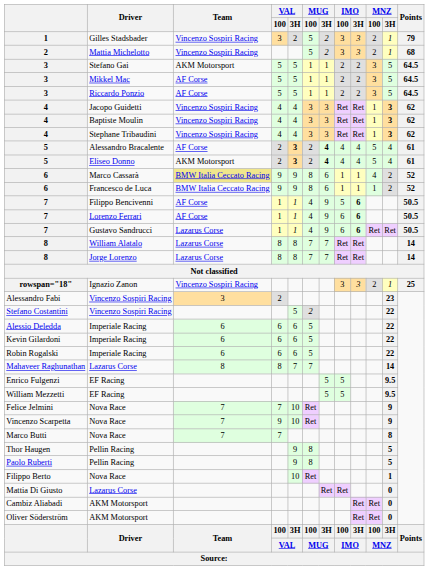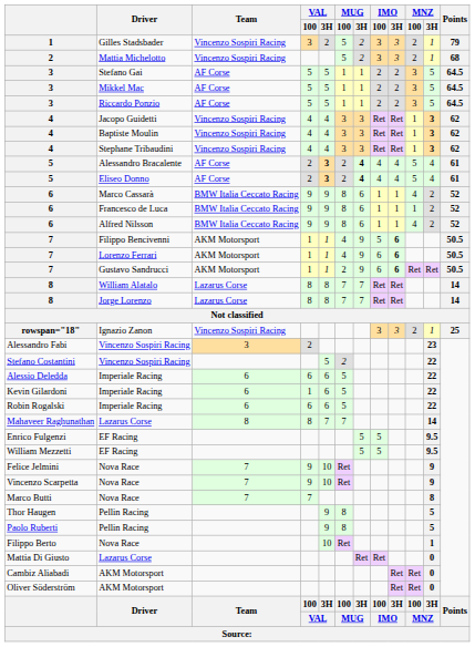 <table class="wikitable" style="font-size:85%; vertical-align:top; text-align:center">
 <tr>
 <th rowspan="2"></th>
 <th rowspan="2">Driver</th>
 <th rowspan="2">Team</th>
 <th colspan="2"><a href='#'>VAL</a><br></th>
 <th colspan="2"><a href='#'>MUG</a><br></th>
 <th colspan="2"><a href='#'>IMO</a><br></th>
 <th colspan="2"><a href='#'>MNZ</a><br></th>
 <th rowspan="2">Points</th>
 </tr>
 <tr>
 <th>100</th>
 <th>3H</th>
 <th>100</th>
 <th>3H</th>
 <th>100</th>
 <th>3H</th>
 <th>100</th>
 <th>3H</th>
 </tr>
 <tr>
 <th>1</th>
 <td style="text-align:left"> Gilles Stadsbader</td>
 <td style="text-align:left"> <a href='#'>Vincenzo Sospiri Racing</a></td>
 <td style="background:#FFDF9F">3</td>
 <td style="background:#DFDFDF">2</td>
 <td style="background:#DFFFDF">5</td>
 <td style="background:#DFDFDF"><em>2</em></td>
 <td style="background:#FFDF9F">3</td>
 <td style="background:#FFDF9F"><em>3</em></td>
 <td style="background:#DFDFDF">2</td>
 <td style="background:#FFFFBF"><em>1</em></td>
 <th>79</th>
 </tr>
 <tr>
 <th>2</th>
 <td style="text-align:left"> <a href='#'>Mattia Michelotto</a></td>
 <td style="text-align:left"> <a href='#'>Vincenzo Sospiri Racing</a></td>
 <td style="background:#"></td>
 <td style="background:#"></td>
 <td style="background:#DFFFDF">5</td>
 <td style="background:#DFDFDF"><em>2</em></td>
 <td style="background:#FFDF9F">3</td>
 <td style="background:#FFDF9F"><em>3</em></td>
 <td style="background:#DFDFDF">2</td>
 <td style="background:#FFFFBF"><em>1</em></td>
 <th>68</th>
 </tr>
 <tr>
 <th>3</th>
 <td style="text-align:left"> Stefano Gai</td>
-<td style="text-align:left"> AKM Motorsport</td>
+<td style="text-align:left"> <a href='#'>AF Corse</a></td>
 <td style="background:#DFFFDF">5</td>
 <td style="background:#DFFFDF">5</td>
 <td style="background:#FFFFBF">1</td>
 <td style="background:#FFFFBF">1</td>
 <td style="background:#DFDFDF">2</td>
 <td style="background:#DFDFDF">2</td>
 <td style="background:#FFDF9F">3</td>
 <td style="background:#DFFFDF">5</td>
 <th>64.5</th>
 </tr>
 <tr>
 <th>3</th>
 <td style="text-align:left"> <a href='#'>Mikkel Mac</a></td>
 <td style="text-align:left"> <a href='#'>AF Corse</a></td>
 <td style="background:#DFFFDF">5</td>
 <td style="background:#DFFFDF">5</td>
 <td style="background:#FFFFBF">1</td>
 <td style="background:#FFFFBF">1</td>
 <td style="background:#DFDFDF">2</td>
 <td style="background:#DFDFDF">2</td>
 <td style="background:#FFDF9F">3</td>
 <td style="background:#DFFFDF">5</td>
 <th>64.5</th>
 </tr>
 <tr>
 <th>3</th>
 <td style="text-align:left"> <a href='#'>Riccardo Ponzio</a></td>
 <td style="text-align:left"> <a href='#'>AF Corse</a></td>
 <td style="background:#DFFFDF">5</td>
 <td style="background:#DFFFDF">5</td>
 <td style="background:#FFFFBF">1</td>
 <td style="background:#FFFFBF">1</td>
 <td style="background:#DFDFDF">2</td>
 <td style="background:#DFDFDF">2</td>
 <td style="background:#FFDF9F">3</td>
 <td style="background:#DFFFDF">5</td>
 <th>64.5</th>
 </tr>
 <tr>
 <th>4</th>
 <td style="text-align:left"> Jacopo Guidetti</td>
 <td style="text-align:left"> <a href='#'>Vincenzo Sospiri Racing</a></td>
 <td style="background:#DFFFDF">4</td>
 <td style="background:#DFFFDF">4</td>
 <td style="background:#FFDF9F">3</td>
 <td style="background:#FFDF9F">3</td>
 <td style="background:#EFCFFF">Ret</td>
 <td style="background:#EFCFFF">Ret</td>
 <td style="background:#FFFFBF">1</td>
 <td style="background:#FFDF9F"><strong>3</strong></td>
 <th>62</th>
 </tr>
 <tr>
 <th>4</th>
 <td style="text-align:left"> Baptiste Moulin</td>
 <td style="text-align:left"> <a href='#'>Vincenzo Sospiri Racing</a></td>
 <td style="background:#DFFFDF">4</td>
 <td style="background:#DFFFDF">4</td>
 <td style="background:#FFDF9F">3</td>
 <td style="background:#FFDF9F">3</td>
 <td style="background:#EFCFFF">Ret</td>
 <td style="background:#EFCFFF">Ret</td>
 <td style="background:#FFFFBF">1</td>
 <td style="background:#FFDF9F"><strong>3</strong></td>
 <th>62</th>
 </tr>
 <tr>
 <th>4</th>
 <td style="text-align:left"> Stephane Tribaudini</td>
 <td style="text-align:left"> <a href='#'>Vincenzo Sospiri Racing</a></td>
 <td style="background:#DFFFDF">4</td>
 <td style="background:#DFFFDF">4</td>
 <td style="background:#FFDF9F">3</td>
 <td style="background:#FFDF9F">3</td>
 <td style="background:#EFCFFF">Ret</td>
 <td style="background:#EFCFFF">Ret</td>
 <td style="background:#FFFFBF">1</td>
 <td style="background:#FFDF9F"><strong>3</strong></td>
 <th>62</th>
 </tr>
 <tr>
 <th>5</th>
 <td style="text-align:left"> Alessandro Bracalente</td>
 <td style="text-align:left"> <a href='#'>AF Corse</a></td>
 <td style="background:#DFDFDF">2</td>
 <td style="background:#FFDF9F"><strong>3</strong></td>
 <td style="background:#DFDFDF">2</td>
 <td style="background:#DFFFDF"><strong>4</strong></td>
 <td style="background:#DFFFDF">4</td>
 <td style="background:#DFFFDF">4</td>
 <td style="background:#DFFFDF">5</td>
 <td style="background:#DFFFDF">4</td>
 <th>61</th>
 </tr>
 <tr>
 <th>5</th>
 <td style="text-align:left"> <a href='#'>Eliseo Donno</a></td>
-<td style="text-align:left"> AKM Motorsport</td>
+<td style="text-align:left"> <a href='#'>AF Corse</a></td>
 <td style="background:#DFDFDF">2</td>
 <td style="background:#FFDF9F"><strong>3</strong></td>
 <td style="background:#DFDFDF">2</td>
 <td style="background:#DFFFDF"><strong>4</strong></td>
 <td style="background:#DFFFDF">4</td>
 <td style="background:#DFFFDF">4</td>
 <td style="background:#DFFFDF">5</td>
 <td style="background:#DFFFDF">4</td>
 <th>61</th>
 </tr>
 <tr>
 <th>6</th>
 <td style="text-align:left"> Marco Cassarà</td>
-<td style="background: khaki; text-align:left"> <a href='#'>BMW Italia Ceccato Racing</a></td>
+<td style="text-align:left"> <a href='#'>BMW Italia Ceccato Racing</a></td>
 <td style="background:#DFFFDF">9</td>
 <td style="background:#DFFFDF">9</td>
 <td style="background:#DFFFDF">8</td>
 <td style="background:#DFFFDF">6</td>
 <td style="background:#FFFFBF">1</td>
 <td style="background:#FFFFBF">1</td>
 <td style="background:#DFFFDF">4</td>
 <td style="background:#DFDFDF">2</td>
 <th>52</th>
 </tr>
 <tr>
 <th>6</th>
 <td style="text-align:left"> Francesco de Luca</td>
 <td style="text-align:left"> <a href='#'>BMW Italia Ceccato Racing</a></td>
 <td style="background:#DFFFDF">9</td>
 <td style="background:#DFFFDF">9</td>
 <td style="background:#DFFFDF">8</td>
 <td style="background:#DFFFDF">6</td>
 <td style="background:#FFFFBF">1</td>
 <td style="background:#FFFFBF">1</td>
 <td style="background:#DFFFDF">1</td>
 <td style="background:#DFDFDF">2</td>
 <th>52</th>
 </tr>
 <tr>
+<th>6</th>
+<td style="text-align:left"> Alfred Nilsson</td>
+<td style="text-align:left"> <a href='#'>BMW Italia Ceccato Racing</a></td>
+<td style="background:#DFFFDF">9</td>
+<td style="background:#DFFFDF">9</td>
+<td style="background:#DFFFDF">8</td>
+<td style="background:#DFFFDF">6</td>
+<td style="background:#FFFFBF">1</td>
+<td style="background:#FFFFBF">1</td>
+<td style="background:#DFFFDF">4</td>
+<td style="background:#DFDFDF">2</td>
+<th>52</th>
+</tr>
+<tr>
 <th>7</th>
 <td style="text-align:left"> Filippo Bencivenni</td>
-<td style="text-align:left"> <a href='#'>AF Corse</a></td>
+<td style="text-align:left"> AKM Motorsport</td>
 <td style="background:#FFFFBF">1</td>
 <td style="background:#FFFFBF"><em>1</em></td>
 <td style="background:#DFFFDF">4</td>
 <td style="background:#DFFFDF">9</td>
 <td style="background:#DFFFDF">5</td>
 <td style="background:#DFFFDF"><strong>6</strong></td>
 <td style="background:#"></td>
 <td style="background:#"></td>
 <th>50.5</th>
 </tr>
 <tr>
 <th>7</th>
 <td style="text-align:left"> <a href='#'>Lorenzo Ferrari</a></td>
-<td style="text-align:left"> <a href='#'>AF Corse</a></td>
+<td style="text-align:left"> AKM Motorsport</td>
 <td style="background:#FFFFBF">1</td>
 <td style="background:#FFFFBF"><em>1</em></td>
 <td style="background:#DFFFDF">4</td>
 <td style="background:#DFFFDF">9</td>
 <td style="background:#DFFFDF">6</td>
 <td style="background:#DFFFDF"><strong>6</strong></td>
 <td style="background:#"></td>
 <td style="background:#"></td>
 <th>50.5</th>
 </tr>
 <tr>
 <th>7</th>
 <td style="text-align:left"> Gustavo Sandrucci</td>
-<td style="text-align:left"> <a href='#'>Lazarus Corse</a></td>
+<td style="text-align:left"> AKM Motorsport</td>
 <td style="background:#FFFFBF">1</td>
 <td style="background:#FFFFBF"><em>1</em></td>
-<td style="background:#DFFFDF">4</td>
+<td style="background:#DFFFDF">2</td>
 <td style="background:#DFFFDF">9</td>
 <td style="background:#DFFFDF">6</td>
 <td style="background:#DFFFDF"><strong>6</strong></td>
 <td style="background:#EFCFFF">Ret</td>
 <td style="background:#EFCFFF">Ret</td>
 <th>50.5</th>
 </tr>
 <tr>
 <th>8</th>
 <td style="text-align:left"> <a href='#'>William Alatalo</a></td>
 <td style="text-align:left"> <a href='#'>Lazarus Corse</a></td>
 <td style="background:#DFFFDF">8</td>
 <td style="background:#DFFFDF">8</td>
 <td style="background:#DFFFDF">7</td>
 <td style="background:#DFFFDF">7</td>
 <td style="background:#EFCFFF">Ret</td>
 <td style="background:#EFCFFF">Ret</td>
 <td style="background:#"></td>
 <td style="background:#"></td>
 <th>14</th>
 </tr>
 <tr>
 <th>8</th>
 <td style="text-align:left"> <a href='#'>Jorge Lorenzo</a></td>
 <td style="text-align:left"> <a href='#'>Lazarus Corse</a></td>
 <td style="background:#DFFFDF">8</td>
 <td style="background:#DFFFDF">8</td>
 <td style="background:#DFFFDF">7</td>
 <td style="background:#DFFFDF">7</td>
 <td style="background:#EFCFFF">Ret</td>
 <td style="background:#EFCFFF">Ret</td>
 <td style="background:#"></td>
 <td style="background:#"></td>
 <th>14</th>
 </tr>
 <tr>
 <th colspan="12">Not classified</th>
 </tr>
 <tr>
 <th>rowspan="18" </th>
 <td style="text-align:left"> Ignazio Zanon</td>
 <td style="text-align:left"> <a href='#'>Vincenzo Sospiri Racing</a></td>
 <td style="background:#"></td>
 <td style="background:#"></td>
 <td style="background:#"></td>
 <td style="background:#"></td>
 <td style="background:#FFDF9F">3</td>
 <td style="background:#FFDF9F"><em>3</em></td>
 <td style="background:#DFDFDF">2</td>
 <td style="background:#FFFFBF"><em>1</em></td>
 <th>25</th>
 </tr>
 <tr>
 <td style="text-align:left"> Alessandro Fabi</td>
 <td style="text-align:left"> <a href='#'>Vincenzo Sospiri Racing</a></td>
 <td style="background:#FFDF9F">3</td>
 <td style="background:#DFDFDF">2</td>
 <td style="background:#"></td>
 <td style="background:#"></td>
 <td style="background:#"></td>
 <td style="background:#"></td>
 <td style="background:#"></td>
 <td style="background:#"></td>
 <th>23</th>
 </tr>
 <tr>
 <td style="text-align:left"> <a href='#'>Stefano Costantini</a></td>
 <td style="text-align:left"> <a href='#'>Vincenzo Sospiri Racing</a></td>
 <td style="background:#"></td>
 <td style="background:#"></td>
 <td style="background:#DFFFDF">5</td>
 <td style="background:#DFDFDF"><em>2</em></td>
 <td style="background:#"></td>
 <td style="background:#"></td>
 <td style="background:#"></td>
 <td style="background:#"></td>
 <th>22</th>
 </tr>
 <tr>
 <td style="text-align:left"> <a href='#'>Alessio Deledda</a></td>
 <td style="text-align:left"> Imperiale Racing</td>
 <td style="background:#DFFFDF">6</td>
 <td style="background:#DFFFDF">6</td>
 <td style="background:#DFFFDF">6</td>
 <td style="background:#DFFFDF">5</td>
 <td style="background:#"></td>
 <td style="background:#"></td>
 <td style="background:#"></td>
 <td style="background:#"></td>
 <th>22</th>
 </tr>
 <tr>
 <td style="text-align:left"> Kevin Gilardoni</td>
 <td style="text-align:left"> Imperiale Racing</td>
 <td style="background:#DFFFDF">6</td>
-<td style="background:#DFFFDF">6</td>
+<td style="background:#DFFFDF">1</td>
 <td style="background:#DFFFDF">6</td>
 <td style="background:#DFFFDF">5</td>
 <td style="background:#"></td>
 <td style="background:#"></td>
 <td style="background:#"></td>
 <td style="background:#"></td>
 <th>22</th>
 </tr>
 <tr>
 <td style="text-align:left"> Robin Rogalski</td>
 <td style="text-align:left"> Imperiale Racing</td>
 <td style="background:#DFFFDF">6</td>
 <td style="background:#DFFFDF">6</td>
 <td style="background:#DFFFDF">6</td>
 <td style="background:#DFFFDF">5</td>
 <td style="background:#"></td>
 <td style="background:#"></td>
 <td style="background:#"></td>
 <td style="background:#"></td>
 <th>22</th>
 </tr>
 <tr>
 <td style="text-align:left"> <a href='#'>Mahaveer Raghunathan</a></td>
 <td style="text-align:left"> <a href='#'>Lazarus Corse</a></td>
 <td style="background:#DFFFDF">8</td>
 <td style="background:#DFFFDF">8</td>
 <td style="background:#DFFFDF">7</td>
 <td style="background:#DFFFDF">7</td>
 <td style="background:#"></td>
 <td style="background:#"></td>
 <td style="background:#"></td>
 <td style="background:#"></td>
 <th>14</th>
 </tr>
 <tr>
 <td style="text-align:left"> Enrico Fulgenzi</td>
 <td style="text-align:left"> EF Racing</td>
 <td style="background:#"></td>
 <td style="background:#"></td>
 <td style="background:#"></td>
 <td style="background:#"></td>
 <td style="background:#DFFFDF">5</td>
 <td style="background:#DFFFDF">5</td>
 <td style="background:#"></td>
 <td style="background:#"></td>
 <th>9.5</th>
 </tr>
 <tr>
 <td style="text-align:left"> William Mezzetti</td>
 <td style="text-align:left"> EF Racing</td>
 <td style="background:#"></td>
 <td style="background:#"></td>
 <td style="background:#"></td>
 <td style="background:#"></td>
 <td style="background:#DFFFDF">5</td>
 <td style="background:#DFFFDF">5</td>
 <td style="background:#"></td>
 <td style="background:#"></td>
 <th>9.5</th>
 </tr>
 <tr>
 <td style="text-align:left"> Felice Jelmini</td>
 <td style="text-align:left"> Nova Race</td>
 <td style="background:#DFFFDF">7</td>
-<td style="background:#DFFFDF">7</td>
+<td style="background:#DFFFDF">9</td>
 <td style="background:#DFFFDF">10</td>
 <td style="background:#EFCFFF">Ret</td>
 <td style="background:#"></td>
 <td style="background:#"></td>
 <td style="background:#"></td>
 <td style="background:#"></td>
 <th>9</th>
 </tr>
 <tr>
 <td style="text-align:left"> Vincenzo Scarpetta</td>
 <td style="text-align:left"> Nova Race</td>
 <td style="background:#DFFFDF">7</td>
 <td style="background:#DFFFDF">9</td>
 <td style="background:#DFFFDF">10</td>
 <td style="background:#EFCFFF">Ret</td>
 <td style="background:#"></td>
 <td style="background:#"></td>
 <td style="background:#"></td>
 <td style="background:#"></td>
 <th>9</th>
 </tr>
 <tr>
 <td style="text-align:left"> Marco Butti</td>
 <td style="text-align:left"> Nova Race</td>
 <td style="background:#DFFFDF">7</td>
 <td style="background:#DFFFDF">7</td>
 <td style="background:#"></td>
 <td style="background:#"></td>
 <td style="background:#"></td>
 <td style="background:#"></td>
 <td style="background:#"></td>
 <td style="background:#"></td>
 <th>8</th>
 </tr>
 <tr>
 <td style="text-align:left"> Thor Haugen</td>
 <td style="text-align:left"> Pellin Racing</td>
 <td style="background:#"></td>
 <td style="background:#"></td>
 <td style="background:#DFFFDF">9</td>
 <td style="background:#DFFFDF">8</td>
 <td style="background:#"></td>
 <td style="background:#"></td>
 <td style="background:#"></td>
 <td style="background:#"></td>
 <th>5</th>
 </tr>
 <tr>
 <td style="text-align:left"> <a href='#'>Paolo Ruberti</a></td>
 <td style="text-align:left"> Pellin Racing</td>
 <td style="background:#"></td>
 <td style="background:#"></td>
 <td style="background:#DFFFDF">9</td>
 <td style="background:#DFFFDF">8</td>
 <td style="background:#"></td>
 <td style="background:#"></td>
 <td style="background:#"></td>
 <td style="background:#"></td>
 <th>5</th>
 </tr>
 <tr>
 <td style="text-align:left"> Filippo Berto</td>
 <td style="text-align:left"> Nova Race</td>
 <td style="background:#"></td>
 <td style="background:#"></td>
 <td style="background:#DFFFDF">10</td>
 <td style="background:#EFCFFF">Ret</td>
 <td style="background:#"></td>
 <td style="background:#"></td>
 <td style="background:#"></td>
 <td style="background:#"></td>
 <th>1</th>
 </tr>
 <tr>
 <td style="text-align:left"> Mattia Di Giusto</td>
 <td style="text-align:left"> <a href='#'>Lazarus Corse</a></td>
 <td style="background:#"></td>
 <td style="background:#"></td>
 <td style="background:#"></td>
 <td style="background:#"></td>
 <td style="background:#EFCFFF">Ret</td>
 <td style="background:#EFCFFF">Ret</td>
 <td style="background:#"></td>
 <td style="background:#"></td>
 <th>0</th>
 </tr>
 <tr>
 <td style="text-align:left"> Cambiz Aliabadi</td>
 <td style="text-align:left"> AKM Motorsport</td>
 <td style="background:#"></td>
 <td style="background:#"></td>
 <td style="background:#"></td>
 <td style="background:#"></td>
 <td style="background:#"></td>
 <td style="background:#"></td>
 <td style="background:#EFCFFF">Ret</td>
 <td style="background:#EFCFFF">Ret</td>
 <th>0</th>
 </tr>
 <tr>
 <td style="text-align:left"> Oliver Söderström</td>
 <td style="text-align:left"> AKM Motorsport</td>
 <td style="background:#"></td>
 <td style="background:#"></td>
 <td style="background:#"></td>
 <td style="background:#"></td>
 <td style="background:#"></td>
 <td style="background:#"></td>
 <td style="background:#EFCFFF">Ret</td>
 <td style="background:#EFCFFF">Ret</td>
 <th>0</th>
 </tr>
 <tr>
 <th rowspan="2"></th>
 <th rowspan="2">Driver</th>
 <th rowspan="2">Team</th>
 <th>100</th>
 <th>3H</th>
 <th>100</th>
 <th>3H</th>
 <th>100</th>
 <th>3H</th>
 <th>100</th>
 <th>3H</th>
 <th rowspan="2">Points</th>
 </tr>
 <tr>
 <th colspan="2"><a href='#'>VAL</a><br></th>
 <th colspan="2"><a href='#'>MUG</a><br></th>
 <th colspan="2"><a href='#'>IMO</a><br></th>
 <th colspan="2"><a href='#'>MNZ</a><br></th>
 </tr>
 <tr>
 <th colspan="12">Source:</th>
 </tr>
 </table>
